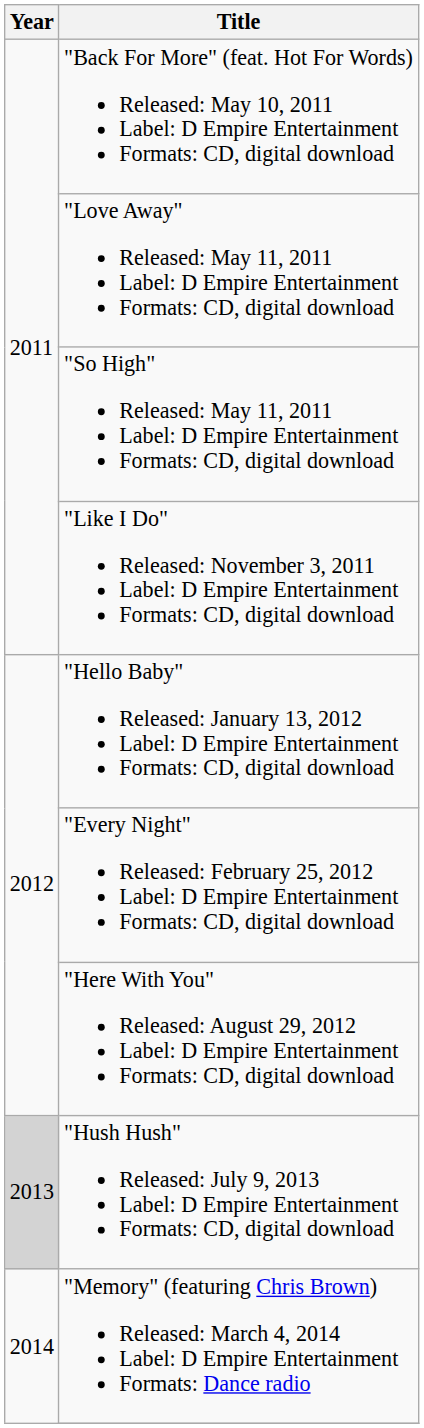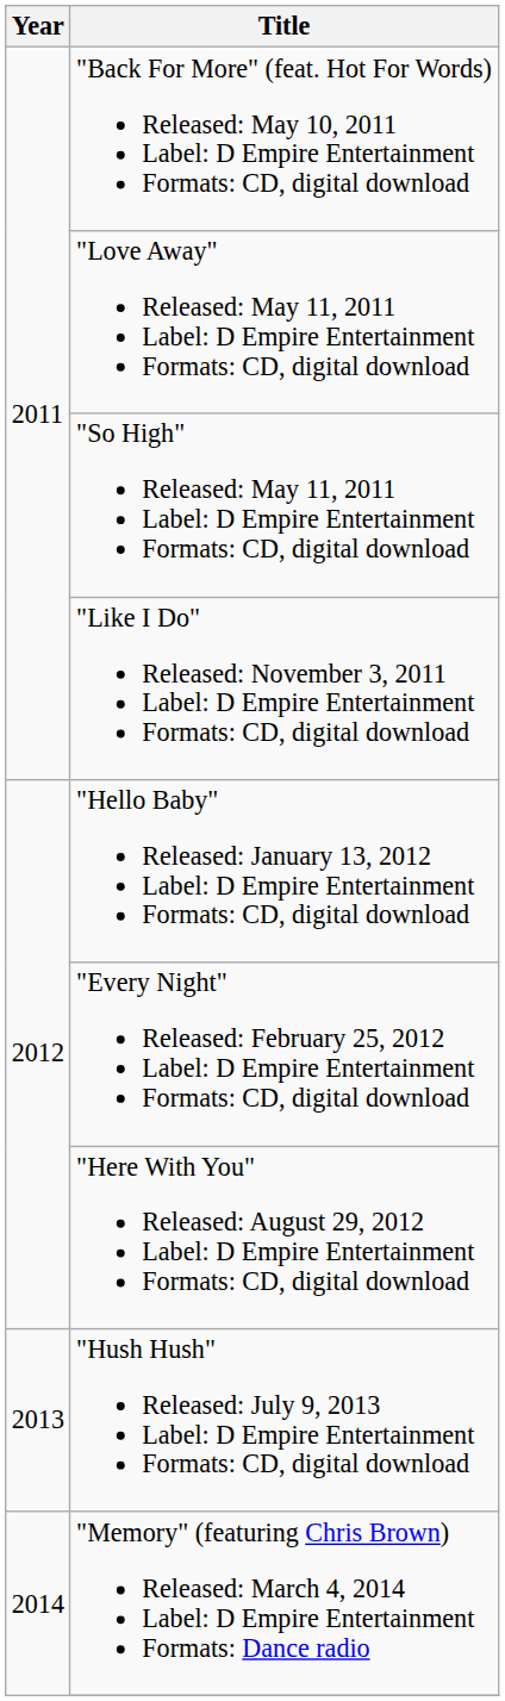 <table class="wikitable">
 <tr>
 <th>Year</th>
 <th>Title</th>
 </tr>
 <tr>
 <td rowspan="4">2011</td>
 <td>"Back For More" (feat. Hot For Words)<br><ul><li>Released: May 10, 2011</li><li>Label: D Empire Entertainment</li><li>Formats: CD, digital download</li></ul></td>
 </tr>
 <tr>
 <td>"Love Away"<br><ul><li>Released: May 11, 2011</li><li>Label: D Empire Entertainment</li><li>Formats: CD, digital download</li></ul></td>
 </tr>
 <tr>
 <td>"So High"<br><ul><li>Released: May 11, 2011</li><li>Label: D Empire Entertainment</li><li>Formats: CD, digital download</li></ul></td>
 </tr>
 <tr>
 <td>"Like I Do"<br><ul><li>Released: November 3, 2011</li><li>Label: D Empire Entertainment</li><li>Formats: CD, digital download</li></ul></td>
 </tr>
 <tr>
 <td rowspan="3">2012</td>
 <td>"Hello Baby"<br><ul><li>Released: January 13, 2012</li><li>Label: D Empire Entertainment</li><li>Formats: CD, digital download</li></ul></td>
 </tr>
 <tr>
 <td>"Every Night"<br><ul><li>Released: February 25, 2012</li><li>Label: D Empire Entertainment</li><li>Formats: CD, digital download</li></ul></td>
 </tr>
 <tr>
 <td>"Here With You"<br><ul><li>Released: August 29, 2012</li><li>Label: D Empire Entertainment</li><li>Formats: CD, digital download</li></ul></td>
 </tr>
 <tr>
-<td style="background: lightgrey;">2013</td>
+<td>2013</td>
 <td>"Hush Hush"<br><ul><li>Released: July 9, 2013</li><li>Label: D Empire Entertainment</li><li>Formats: CD, digital download</li></ul></td>
 </tr>
 <tr>
 <td rowspan="5">2014</td>
 <td>"Memory" (featuring <a href='#'>Chris Brown</a>)<br><ul><li>Released: March 4, 2014</li><li>Label: D Empire Entertainment</li><li>Formats: <a href='#'>Dance radio</a></li></ul></td>
 </tr>
 <tr>
 </tr>
 </table>
